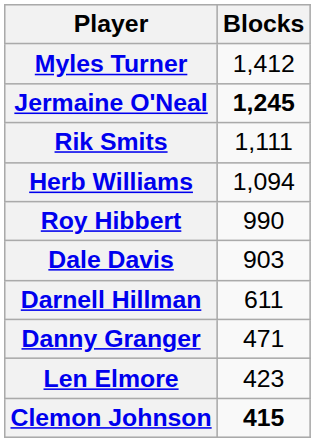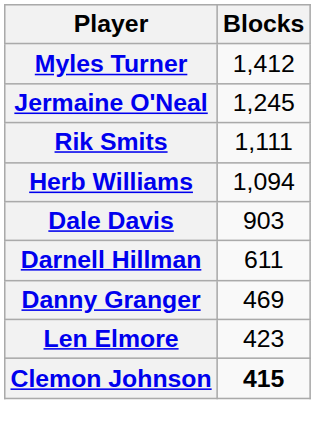 <table class="wikitable sortable plainrowheaders" style="text-align:center">
 <tr>
 <th scope="col" style="text-align:center; ">Player</th>
 <th scope="col" style="text-align:center; ">Blocks</th>
 </tr>
 <tr>
 <th scope="row"><strong><a href='#'>Myles Turner</a></strong></th>
 <td>1,412</td>
 </tr>
 <tr>
 <th scope="row"><a href='#'>Jermaine O'Neal</a></th>
-<td><strong>1,245</strong></td>
+<td>1,245</td>
 </tr>
 <tr>
 <th scope="row"><a href='#'>Rik Smits</a></th>
 <td>1,111</td>
 </tr>
 <tr>
 <th scope="row"><a href='#'>Herb Williams</a></th>
 <td>1,094</td>
-</tr>
-<tr>
-<th scope="row"><a href='#'>Roy Hibbert</a></th>
-<td>990</td>
 </tr>
 <tr>
 <th scope="row"><a href='#'>Dale Davis</a></th>
 <td>903</td>
 </tr>
 <tr>
 <th scope="row"><a href='#'>Darnell Hillman</a></th>
 <td>611</td>
 </tr>
 <tr>
 <th scope="row"><a href='#'>Danny Granger</a></th>
-<td>471</td>
+<td>469</td>
 </tr>
 <tr>
 <th scope="row"><a href='#'>Len Elmore</a></th>
 <td>423</td>
 </tr>
 <tr>
 <th scope="row"><a href='#'>Clemon Johnson</a></th>
 <td><strong>415</strong></td>
 </tr>
 </table>
